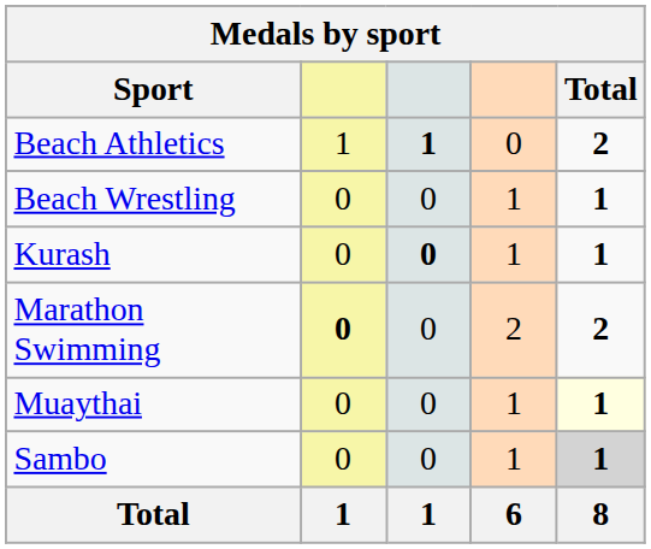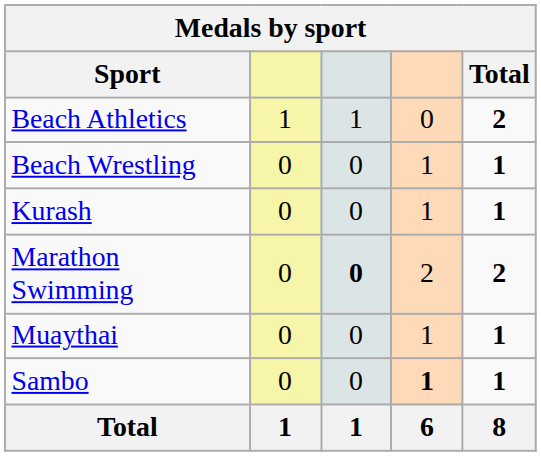 <table class="wikitable" style="font-size:90%; text-align:center;">
 <tr>
 <th colspan=5>Medals by sport</th>
 </tr>
 <tr>
 <th width=120>Sport</th>
 <th scope="col" width=30 style="background:#F7F6A8;"></th>
 <th scope="col" width=30 style="background:#DCE5E5;"></th>
 <th scope="col" width=30 style="background:#FFDAB9;"></th>
 <th width=30>Total</th>
 </tr>
 <tr>
 <td align=left> <a href='#'>Beach Athletics</a></td>
 <td style="background:#F7F6A8;">1</td>
-<td style="background:#DCE5E5;"><strong>1</strong></td>
+<td style="background:#DCE5E5;">1</td>
 <td style="background:#FFDAB9;">0</td>
 <td><strong>2</strong></td>
 </tr>
 <tr>
 <td align=left> <a href='#'>Beach Wrestling</a></td>
 <td style="background:#F7F6A8;">0</td>
 <td style="background:#DCE5E5;">0</td>
 <td style="background:#FFDAB9;">1</td>
 <td><strong>1</strong></td>
 </tr>
 <tr>
 <td align=left> <a href='#'>Kurash</a></td>
 <td style="background:#F7F6A8;">0</td>
-<td style="background:#DCE5E5;"><strong>0</strong></td>
+<td style="background:#DCE5E5;">0</td>
 <td style="background:#FFDAB9;">1</td>
 <td><strong>1</strong></td>
 </tr>
 <tr>
 <td align=left> <a href='#'>Marathon Swimming</a></td>
-<td style="background:#F7F6A8;"><strong>0</strong></td>
-<td style="background:#DCE5E5;">0</td>
+<td style="background:#F7F6A8;">0</td>
+<td style="background:#DCE5E5;"><strong>0</strong></td>
 <td style="background:#FFDAB9;">2</td>
 <td><strong>2</strong></td>
 </tr>
 <tr>
 <td align=left> <a href='#'>Muaythai</a></td>
 <td style="background:#F7F6A8;">0</td>
 <td style="background:#DCE5E5;">0</td>
 <td style="background:#FFDAB9;">1</td>
-<td style="background: lightyellow;"><strong>1</strong></td>
+<td><strong>1</strong></td>
 </tr>
 <tr>
 <td align=left> <a href='#'>Sambo</a></td>
 <td style="background:#F7F6A8;">0</td>
 <td style="background:#DCE5E5;">0</td>
-<td style="background:#FFDAB9;">1</td>
-<td style="background: lightgrey;"><strong>1</strong></td>
+<td style="background:#FFDAB9;"><strong>1</strong></td>
+<td><strong>1</strong></td>
 </tr>
 <tr class="sortbottom">
 <th>Total</th>
 <th>1</th>
 <th>1</th>
 <th>6</th>
 <th>8</th>
 </tr>
 </table>
